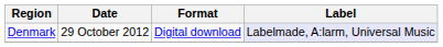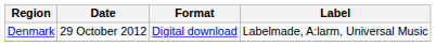 <table class=wikitable>
 <tr>
 <th>Region</th>
 <th>Date</th>
 <th>Format</th>
 <th>Label</th>
 </tr>
 <tr>
 <td><a href='#'>Denmark</a></td>
 <td>29 October 2012</td>
 <td><a href='#'>Digital download</a></td>
-<td style="background: lavender;">Labelmade, A:larm, Universal Music</td>
+<td>Labelmade, A:larm, Universal Music</td>
 </tr>
 <tr>
 </tr>
 </table>
